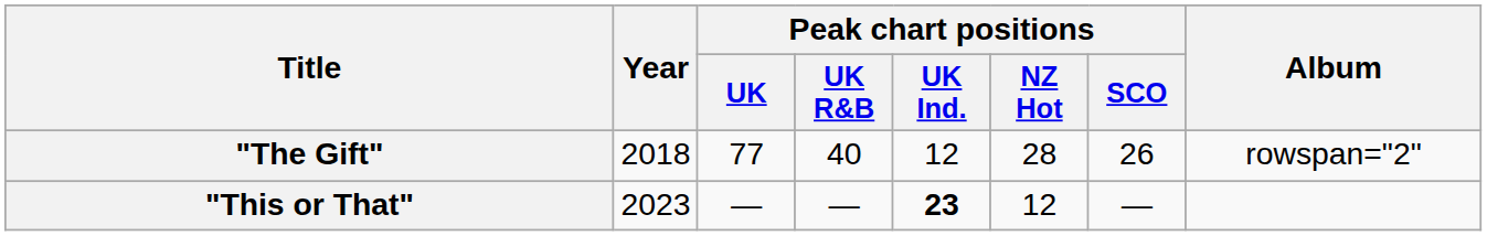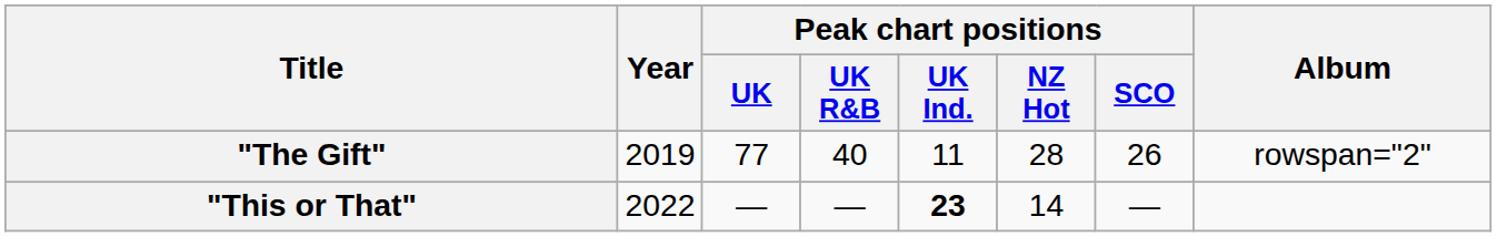 <table class="wikitable plainrowheaders" style="text-align:center;">
 <tr>
 <th scope="col" rowspan="2" style="width:19em;">Title</th>
 <th scope="col" rowspan="2" style="width:1em;">Year</th>
 <th scope="col" colspan="5">Peak chart positions</th>
 <th scope="col" rowspan="2" style="width:9em;">Album</th>
 </tr>
 <tr>
 <th scope="col" style="width:3em; font-size:90%;"><a href='#'>UK</a><br></th>
 <th scope="col" style="width:3em; font-size:90%;"><a href='#'>UK<br>R&B</a><br></th>
 <th scope="col" style="width:3em; font-size:90%;"><a href='#'>UK<br>Ind.</a><br></th>
 <th scope="col" style="width:3em; font-size:90%;"><a href='#'>NZ<br>Hot</a><br></th>
 <th scope="col" style="width:3em; font-size:90%;"><a href='#'>SCO</a><br></th>
 </tr>
 <tr>
 <th scope="row">"The Gift"<br></th>
-<td>2018</td>
+<td>2019</td>
 <td>77</td>
 <td>40</td>
-<td>12</td>
+<td>11</td>
 <td>28</td>
 <td>26</td>
 <td>rowspan="2" </td>
 </tr>
 <tr>
 <th scope="row">"This or That"<br></th>
-<td>2023</td>
+<td>2022</td>
 <td>—</td>
 <td>—</td>
 <td><strong>23</strong></td>
-<td>12</td>
+<td>14</td>
 <td>—</td>
 </tr>
 </table>
